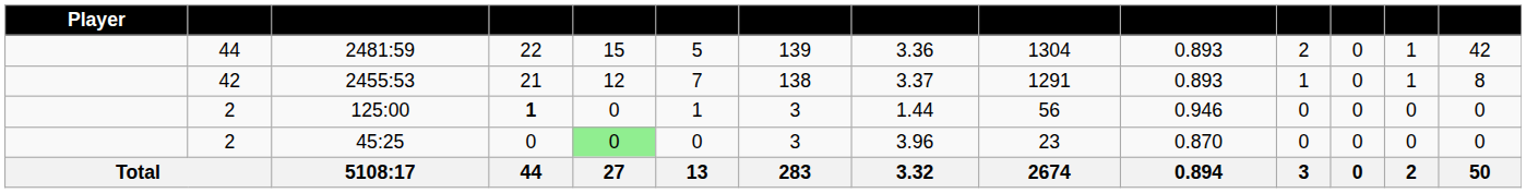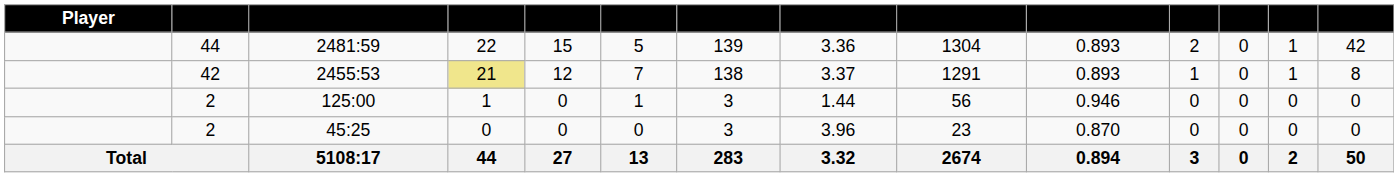 <table class="wikitable sortable" style="width:100%; text-align:center;">
 <tr>
 <th style="color:white; background:#000000; ">Player</th>
 <th style="color:white; background:#000000; "></th>
 <th style="color:white; background:#000000; "></th>
 <th style="color:white; background:#000000; "></th>
 <th style="color:white; background:#000000; "></th>
 <th style="color:white; background:#000000; "></th>
 <th style="color:white; background:#000000; "></th>
 <th style="color:white; background:#000000; "></th>
 <th style="color:white; background:#000000; "></th>
 <th style="color:white; background:#000000; "></th>
 <th style="color:white; background:#000000; "></th>
 <th style="color:white; background:#000000; "></th>
 <th style="color:white; background:#000000; "></th>
 <th style="color:white; background:#000000; "></th>
 </tr>
 <tr>
 <td></td>
 <td>44</td>
 <td>2481:59</td>
 <td>22</td>
 <td>15</td>
 <td>5</td>
 <td>139</td>
 <td>3.36</td>
 <td>1304</td>
 <td>0.893</td>
 <td>2</td>
 <td>0</td>
 <td>1</td>
 <td>42</td>
 </tr>
 <tr>
 <td></td>
 <td>42</td>
 <td>2455:53</td>
-<td>21</td>
+<td style="background: khaki;">21</td>
 <td>12</td>
 <td>7</td>
 <td>138</td>
 <td>3.37</td>
 <td>1291</td>
 <td>0.893</td>
 <td>1</td>
 <td>0</td>
 <td>1</td>
 <td>8</td>
 </tr>
 <tr>
 <td></td>
 <td>2</td>
 <td>125:00</td>
-<td><strong>1</strong></td>
+<td>1</td>
 <td>0</td>
 <td>1</td>
 <td>3</td>
 <td>1.44</td>
 <td>56</td>
 <td>0.946</td>
 <td>0</td>
 <td>0</td>
 <td>0</td>
 <td>0</td>
 </tr>
 <tr>
 <td></td>
 <td>2</td>
 <td>45:25</td>
 <td>0</td>
-<td style="background: lightgreen;">0</td>
+<td>0</td>
 <td>0</td>
 <td>3</td>
 <td>3.96</td>
 <td>23</td>
 <td>0.870</td>
 <td>0</td>
 <td>0</td>
 <td>0</td>
 <td>0</td>
 </tr>
 <tr class="sortbotom">
 <th colspan=2>Total</th>
 <th>5108:17</th>
 <th>44</th>
 <th>27</th>
 <th>13</th>
 <th>283</th>
 <th>3.32</th>
 <th>2674</th>
 <th>0.894</th>
 <th>3</th>
 <th>0</th>
 <th>2</th>
 <th>50</th>
 </tr>
 </table>
